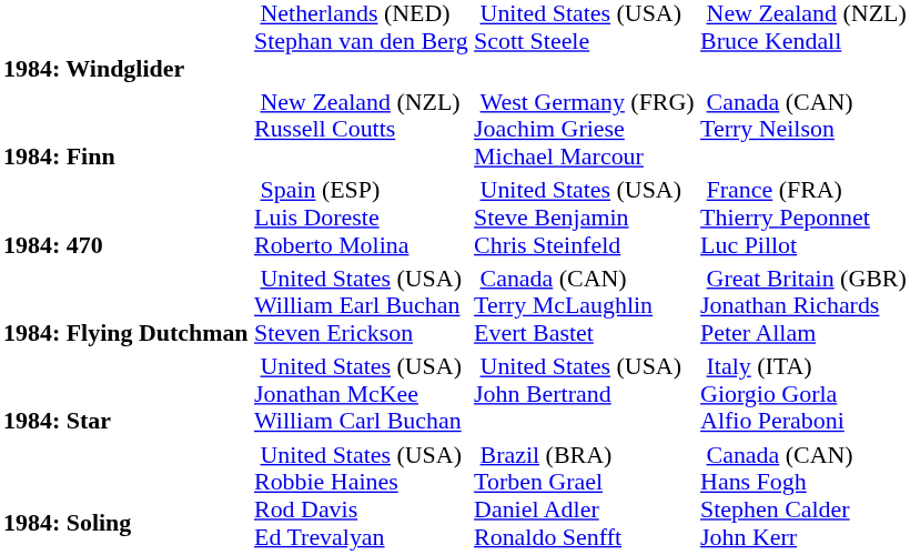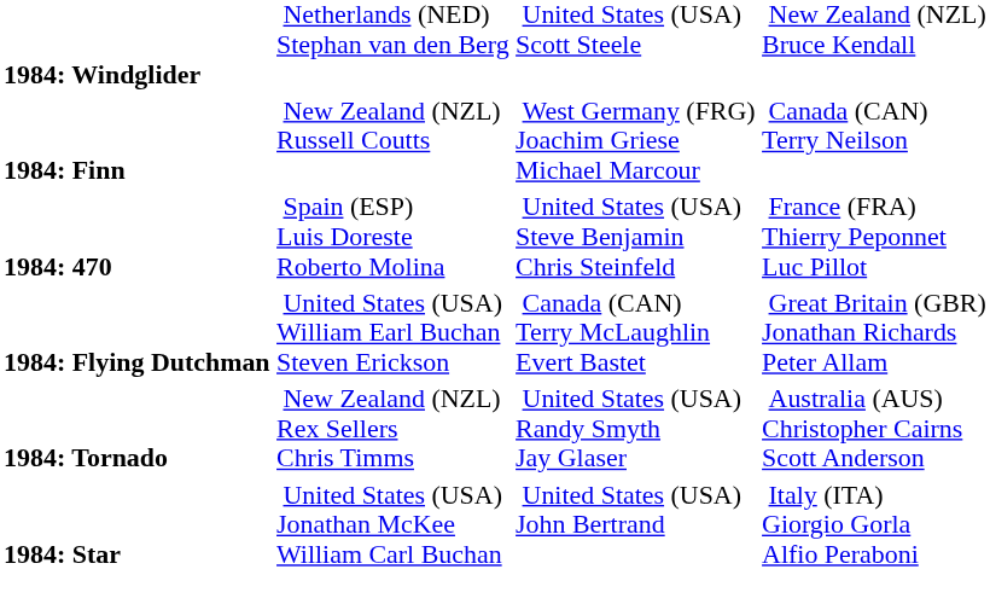 <table>
 <tr>
 <td style="align:center;"><br><br><strong>1984: Windglider</strong> <br></td>
 <td style="vertical-align:top;"> <a href='#'>Netherlands</a> <span>(NED)</span><br><a href='#'>Stephan van den Berg</a></td>
 <td style="vertical-align:top;"> <a href='#'>United States</a> <span>(USA)</span><br><a href='#'>Scott Steele</a></td>
 <td style="vertical-align:top;"> <a href='#'>New Zealand</a> <span>(NZL)</span><br><a href='#'>Bruce Kendall</a></td>
 </tr>
 <tr>
 <td style="align:center;"><br><br><strong>1984: Finn</strong> <br></td>
 <td style="vertical-align:top;"> <a href='#'>New Zealand</a> <span>(NZL)</span><br><a href='#'>Russell Coutts</a></td>
 <td style="vertical-align:top;"> <a href='#'>West Germany</a> <span>(FRG)</span><br><a href='#'>Joachim Griese</a><br><a href='#'>Michael Marcour</a></td>
 <td style="vertical-align:top;"> <a href='#'>Canada</a> <span>(CAN)</span><br><a href='#'>Terry Neilson</a></td>
 </tr>
 <tr>
 <td style="align:center;"><br><br><strong>1984: 470</strong> <br></td>
 <td style="vertical-align:top;"> <a href='#'>Spain</a> <span>(ESP)</span><br><a href='#'>Luis Doreste</a><br><a href='#'>Roberto Molina</a></td>
 <td style="vertical-align:top;"> <a href='#'>United States</a> <span>(USA)</span><br><a href='#'>Steve Benjamin</a><br><a href='#'>Chris Steinfeld</a></td>
 <td style="vertical-align:top;"> <a href='#'>France</a> <span>(FRA)</span><br><a href='#'>Thierry Peponnet</a><br><a href='#'>Luc Pillot</a></td>
 </tr>
 <tr>
 <td style="align:center;"><br><br><strong>1984: Flying Dutchman</strong> <br></td>
 <td style="vertical-align:top;"> <a href='#'>United States</a> <span>(USA)</span><br><a href='#'>William Earl Buchan</a><br><a href='#'>Steven Erickson</a></td>
 <td style="vertical-align:top;"> <a href='#'>Canada</a> <span>(CAN)</span><br><a href='#'>Terry McLaughlin</a><br><a href='#'>Evert Bastet</a></td>
 <td style="vertical-align:top;"> <a href='#'>Great Britain</a> <span>(GBR)</span><br><a href='#'>Jonathan Richards</a><br><a href='#'>Peter Allam</a></td>
 </tr>
 <tr>
+<td style="align:center;"><br><br><strong>1984: Tornado</strong> <br></td>
+<td style="vertical-align:top;"> <a href='#'>New Zealand</a> <span>(NZL)</span><br><a href='#'>Rex Sellers</a><br><a href='#'>Chris Timms</a></td>
+<td style="vertical-align:top;"> <a href='#'>United States</a> <span>(USA)</span><br><a href='#'>Randy Smyth</a><br><a href='#'>Jay Glaser</a></td>
+<td style="vertical-align:top;"> <a href='#'>Australia</a> <span>(AUS)</span><br><a href='#'>Christopher Cairns</a><br><a href='#'>Scott Anderson</a></td>
+</tr>
+<tr>
 <td style="align:center;"><br><br><strong>1984: Star</strong> <br></td>
 <td style="vertical-align:top;"> <a href='#'>United States</a> <span>(USA)</span><br><a href='#'>Jonathan McKee</a><br><a href='#'>William Carl Buchan</a></td>
 <td style="vertical-align:top;"> <a href='#'>United States</a> <span>(USA)</span><br><a href='#'>John Bertrand</a></td>
 <td style="vertical-align:top;"> <a href='#'>Italy</a> <span>(ITA)</span><br><a href='#'>Giorgio Gorla</a><br><a href='#'>Alfio Peraboni</a></td>
 </tr>
-<tr>
-<td style="align:center;"><br><br><strong>1984: Soling</strong> <br></td>
-<td style="vertical-align:top;"> <a href='#'>United States</a> <span>(USA)</span><br><a href='#'>Robbie Haines</a><br><a href='#'>Rod Davis</a><br><a href='#'>Ed Trevalyan</a></td>
-<td style="vertical-align:top;"> <a href='#'>Brazil</a> <span>(BRA)</span><br><a href='#'>Torben Grael</a><br><a href='#'>Daniel Adler</a><br><a href='#'>Ronaldo Senfft</a></td>
-<td style="vertical-align:top;"> <a href='#'>Canada</a> <span>(CAN)</span><br><a href='#'>Hans Fogh</a><br><a href='#'>Stephen Calder</a><br><a href='#'>John Kerr</a></td>
-</tr>
 </table>
